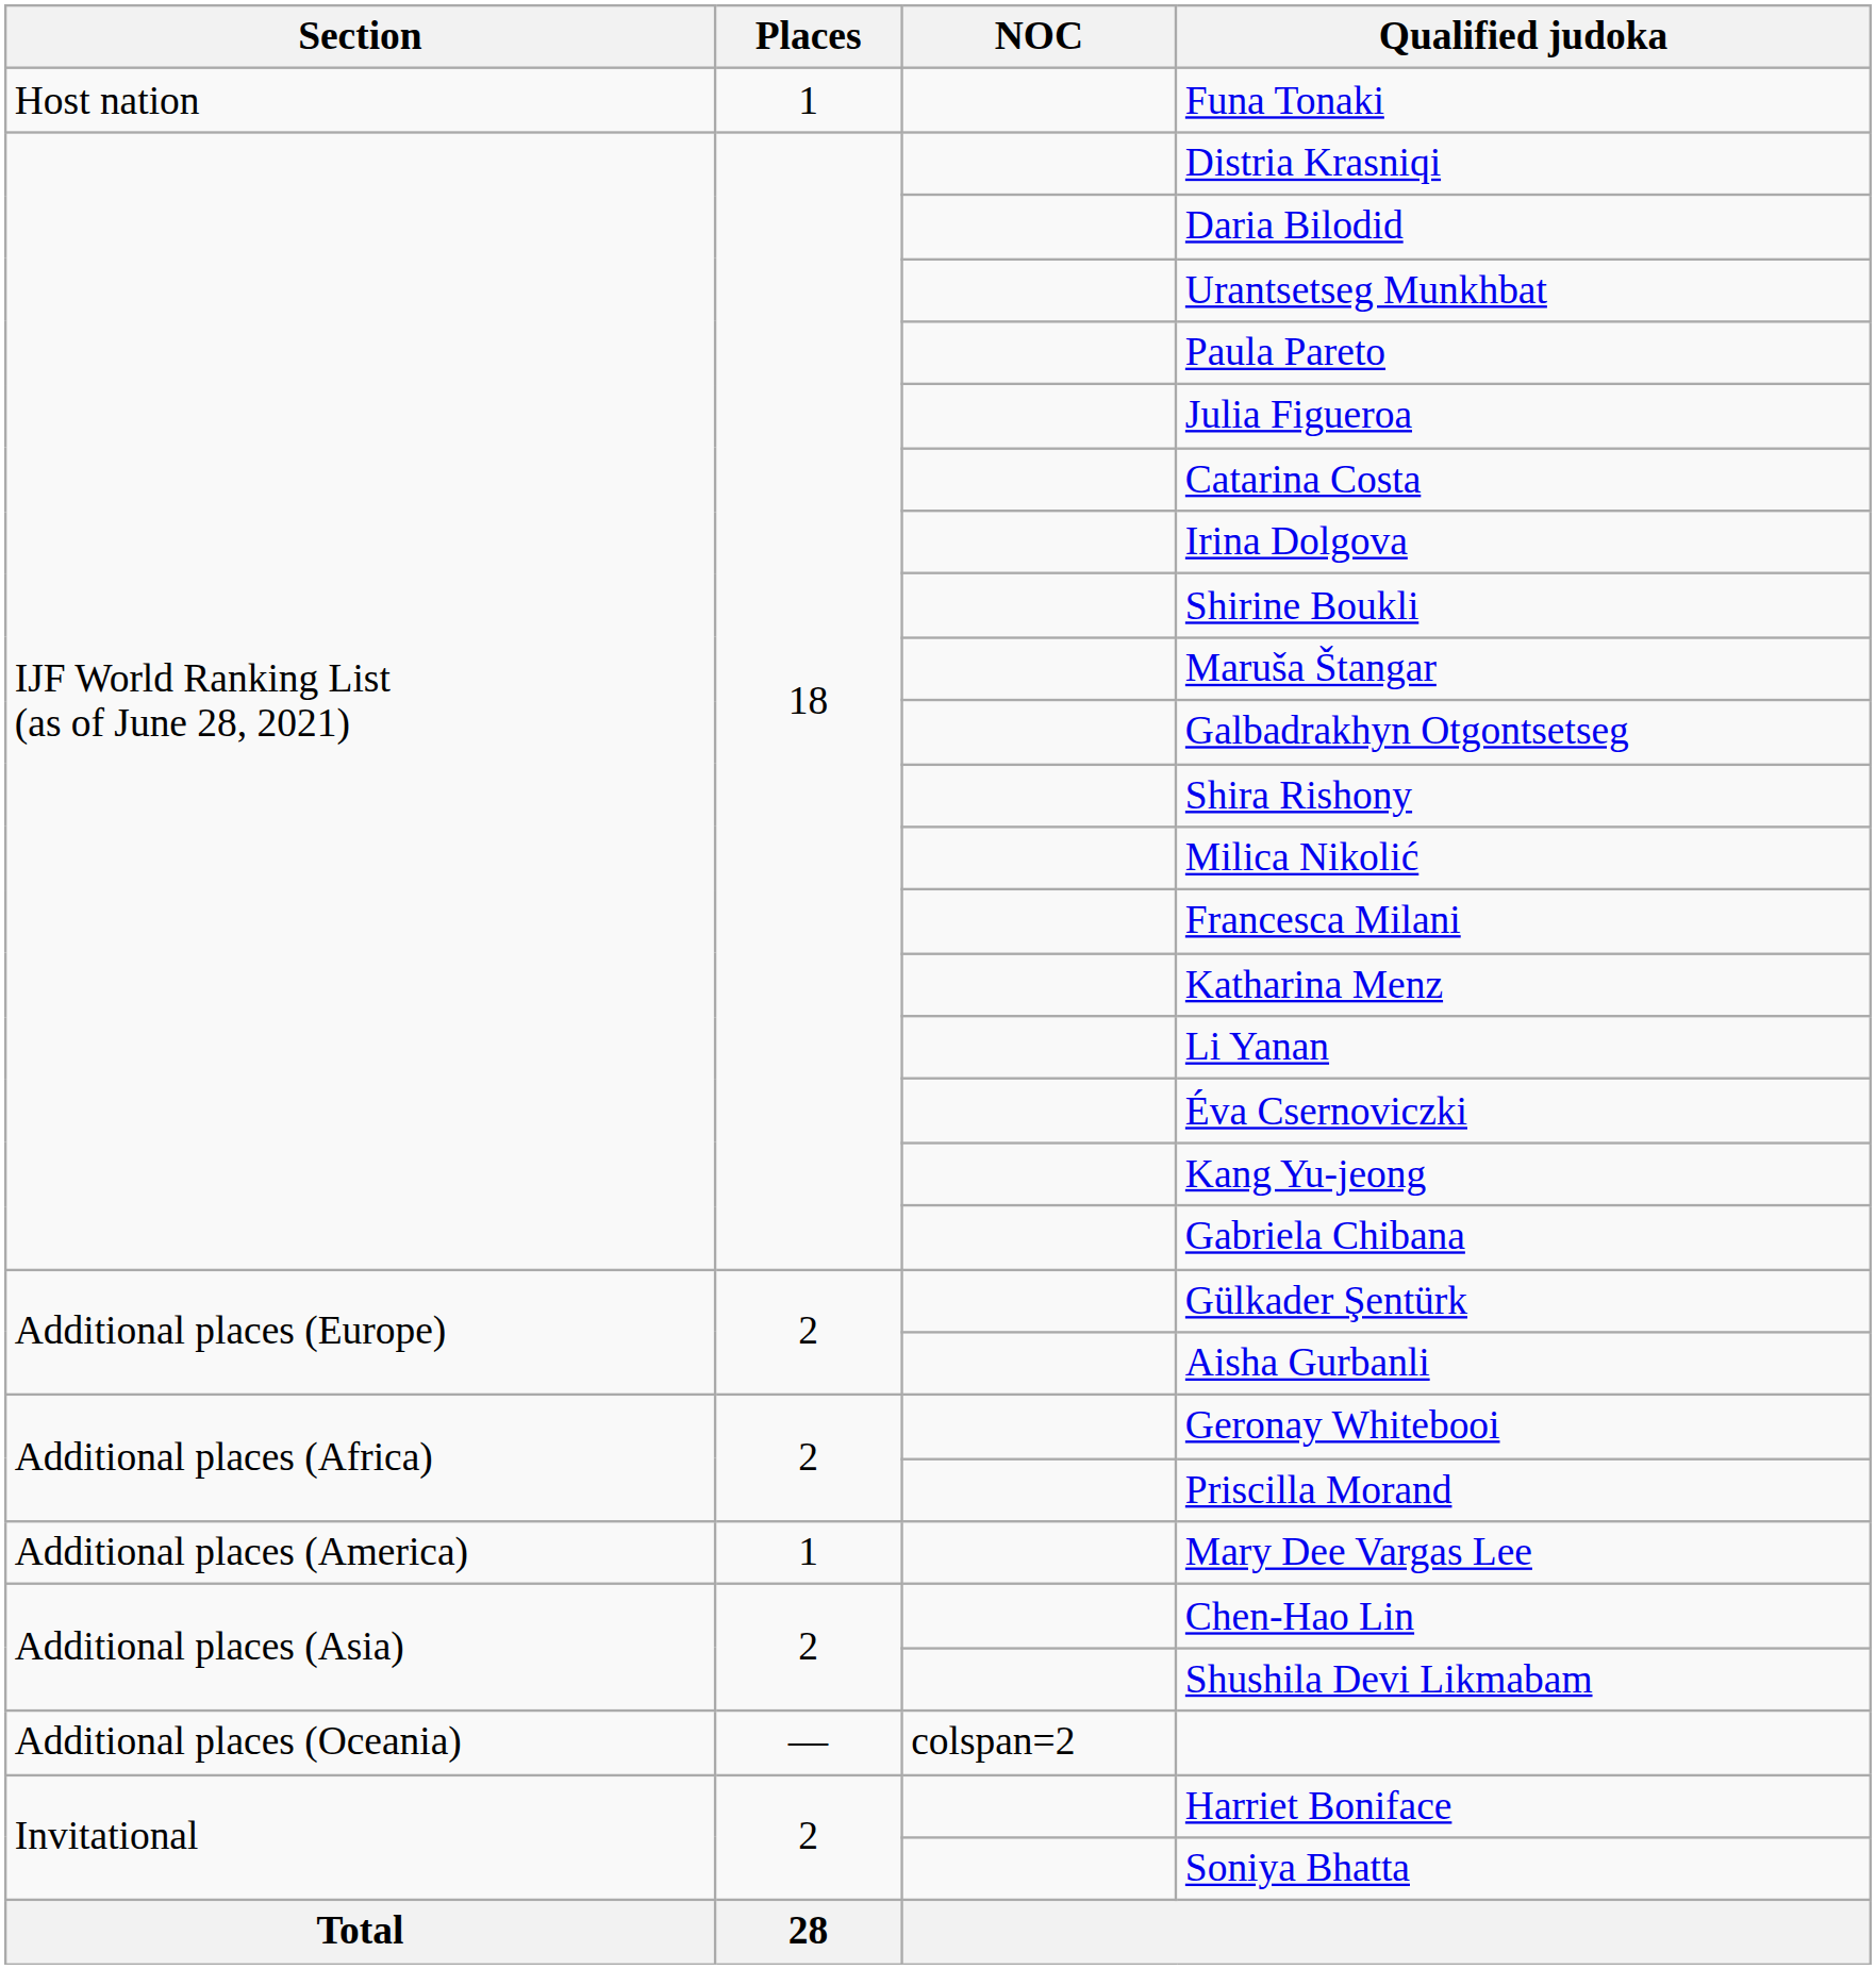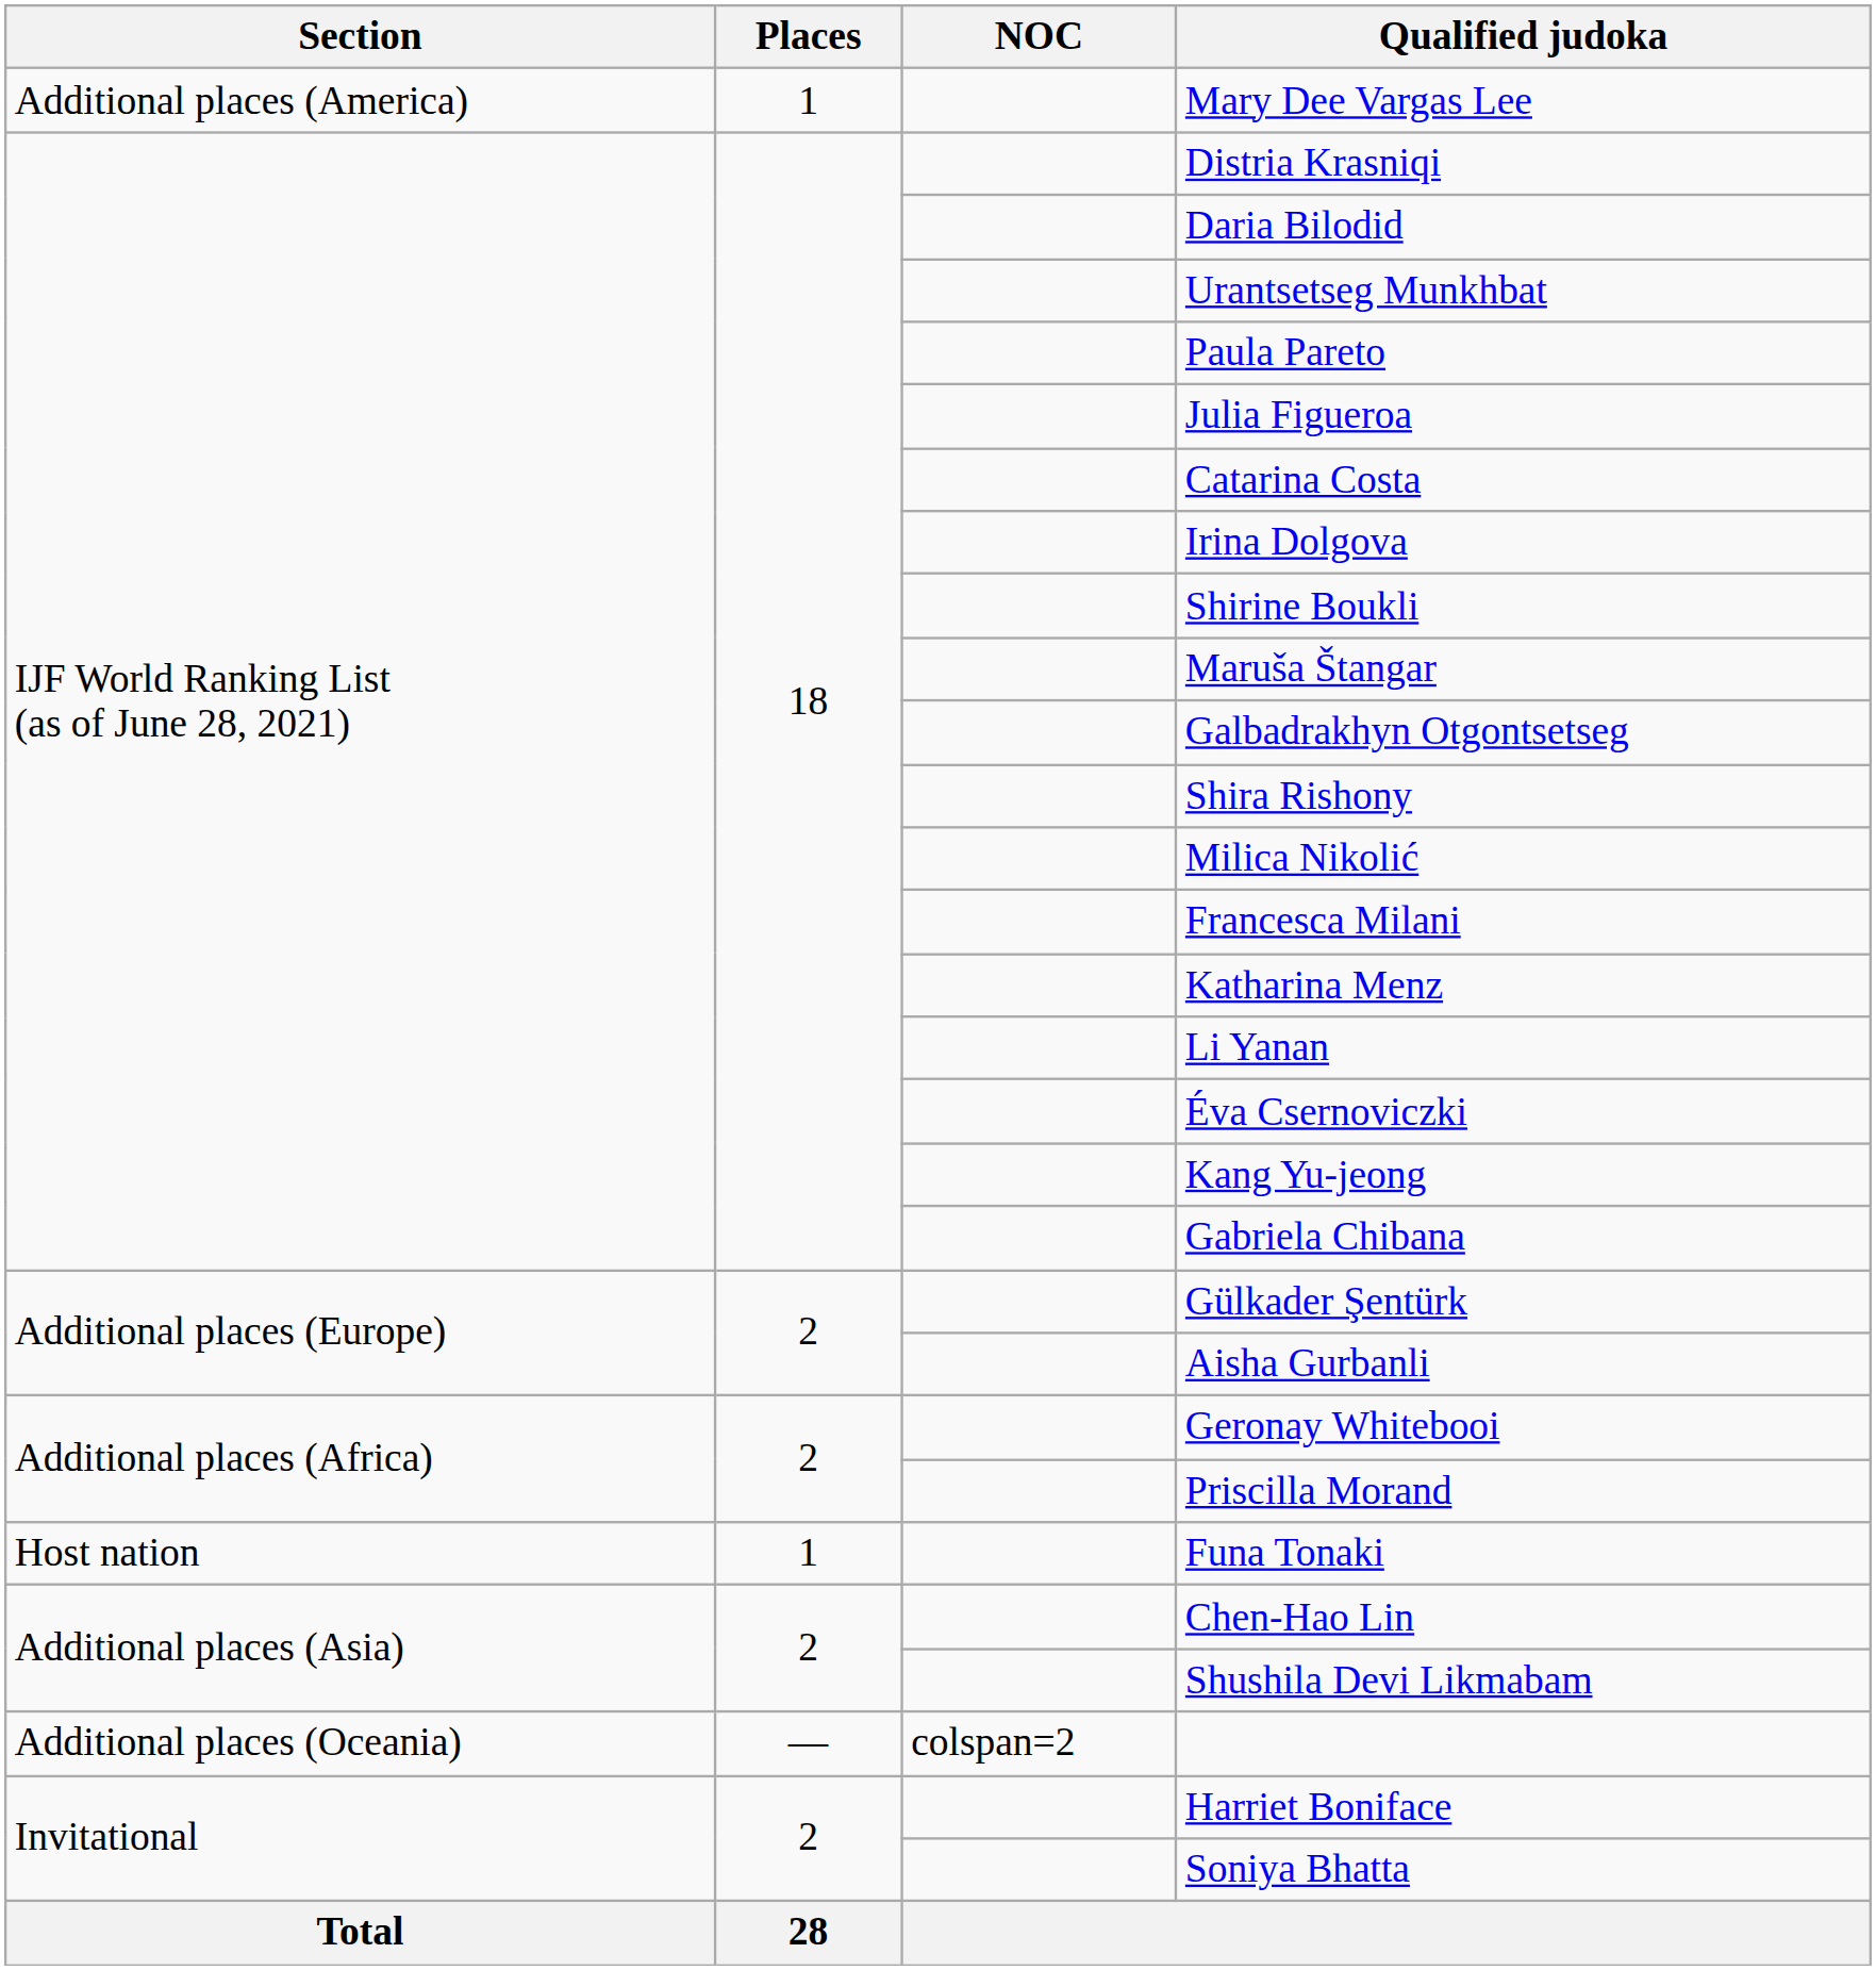 <table class="wikitable"  width=750>
 <tr>
 <th>Section</th>
 <th>Places</th>
 <th>NOC</th>
 <th>Qualified judoka</th>
 </tr>
 <tr>
-<td>Host nation</td>
+<td>Additional places (America)</td>
 <td align=center>1</td>
 <td></td>
-<td><a href='#'>Funa Tonaki</a></td>
+<td><a href='#'>Mary Dee Vargas Lee</a></td>
 </tr>
 <tr>
 <td rowspan=18>IJF World Ranking List<br>(as of June 28, 2021)</td>
 <td rowspan=18 align=center>18</td>
 <td></td>
 <td><a href='#'>Distria Krasniqi</a></td>
 </tr>
 <tr>
 <td></td>
 <td><a href='#'>Daria Bilodid</a></td>
 </tr>
 <tr>
 <td></td>
 <td><a href='#'>Urantsetseg Munkhbat</a></td>
 </tr>
 <tr>
 <td></td>
 <td><a href='#'>Paula Pareto</a></td>
 </tr>
 <tr>
 <td></td>
 <td><a href='#'>Julia Figueroa</a></td>
 </tr>
 <tr>
 <td></td>
 <td><a href='#'>Catarina Costa</a></td>
 </tr>
 <tr>
 <td></td>
 <td><a href='#'>Irina Dolgova</a></td>
 </tr>
 <tr>
 <td></td>
 <td><a href='#'>Shirine Boukli</a></td>
 </tr>
 <tr>
 <td></td>
 <td><a href='#'>Maruša Štangar</a></td>
 </tr>
 <tr>
 <td></td>
 <td><a href='#'>Galbadrakhyn Otgontsetseg</a></td>
 </tr>
 <tr>
 <td></td>
 <td><a href='#'>Shira Rishony</a></td>
 </tr>
 <tr>
 <td></td>
 <td><a href='#'>Milica Nikolić</a></td>
 </tr>
 <tr>
 <td></td>
 <td><a href='#'>Francesca Milani</a></td>
 </tr>
 <tr>
 <td></td>
 <td><a href='#'>Katharina Menz</a></td>
 </tr>
 <tr>
 <td></td>
 <td><a href='#'>Li Yanan</a></td>
 </tr>
 <tr>
 <td></td>
 <td><a href='#'>Éva Csernoviczki</a></td>
 </tr>
 <tr>
 <td></td>
 <td><a href='#'>Kang Yu-jeong</a></td>
 </tr>
 <tr>
 <td></td>
 <td><a href='#'>Gabriela Chibana</a></td>
 </tr>
 <tr>
 <td rowspan=2>Additional places (Europe)</td>
 <td rowspan=2 align=center>2</td>
 <td></td>
 <td><a href='#'>Gülkader Şentürk</a></td>
 </tr>
 <tr>
 <td></td>
 <td><a href='#'>Aisha Gurbanli</a></td>
 </tr>
 <tr>
 <td rowspan=2>Additional places (Africa)</td>
 <td rowspan=2 align=center>2</td>
 <td></td>
 <td><a href='#'>Geronay Whitebooi</a></td>
 </tr>
 <tr>
 <td></td>
 <td><a href='#'>Priscilla Morand</a></td>
 </tr>
 <tr>
-<td>Additional places (America)</td>
+<td>Host nation</td>
 <td align=center>1</td>
 <td></td>
-<td><a href='#'>Mary Dee Vargas Lee</a></td>
+<td><a href='#'>Funa Tonaki</a></td>
 </tr>
 <tr>
 <td rowspan=2>Additional places (Asia)</td>
 <td rowspan=2 align=center>2</td>
 <td></td>
 <td><a href='#'>Chen-Hao Lin</a></td>
 </tr>
 <tr>
 <td></td>
 <td><a href='#'>Shushila Devi Likmabam</a></td>
 </tr>
 <tr>
 <td>Additional places (Oceania)</td>
 <td align=center>—</td>
 <td>colspan=2 </td>
 </tr>
 <tr>
 <td rowspan=2>Invitational</td>
 <td rowspan=2 align=center>2</td>
 <td></td>
 <td><a href='#'>Harriet Boniface</a></td>
 </tr>
 <tr>
 <td></td>
 <td><a href='#'>Soniya Bhatta</a></td>
 </tr>
 <tr>
 <th>Total</th>
 <th>28</th>
 <th colspan=2></th>
 </tr>
 </table>
